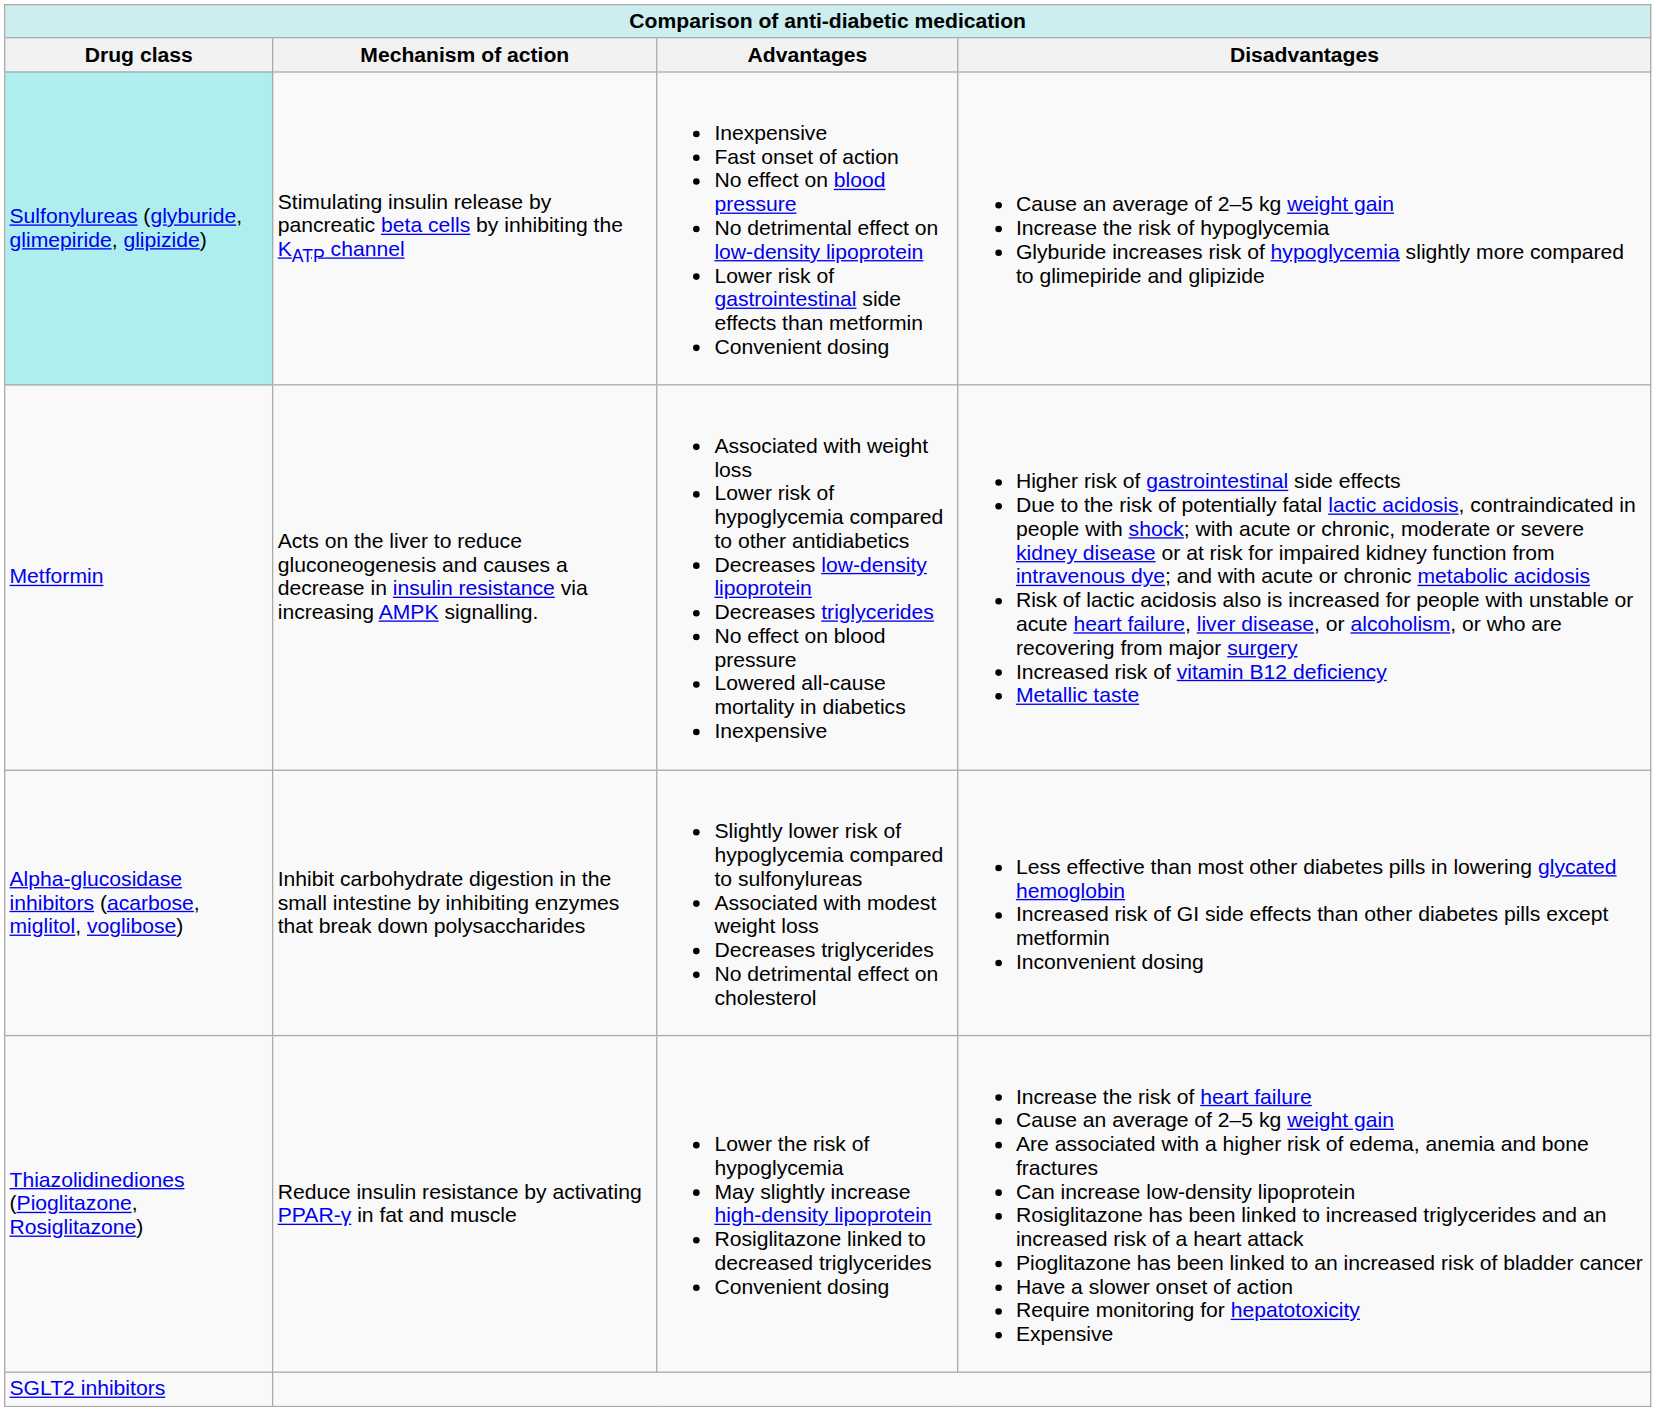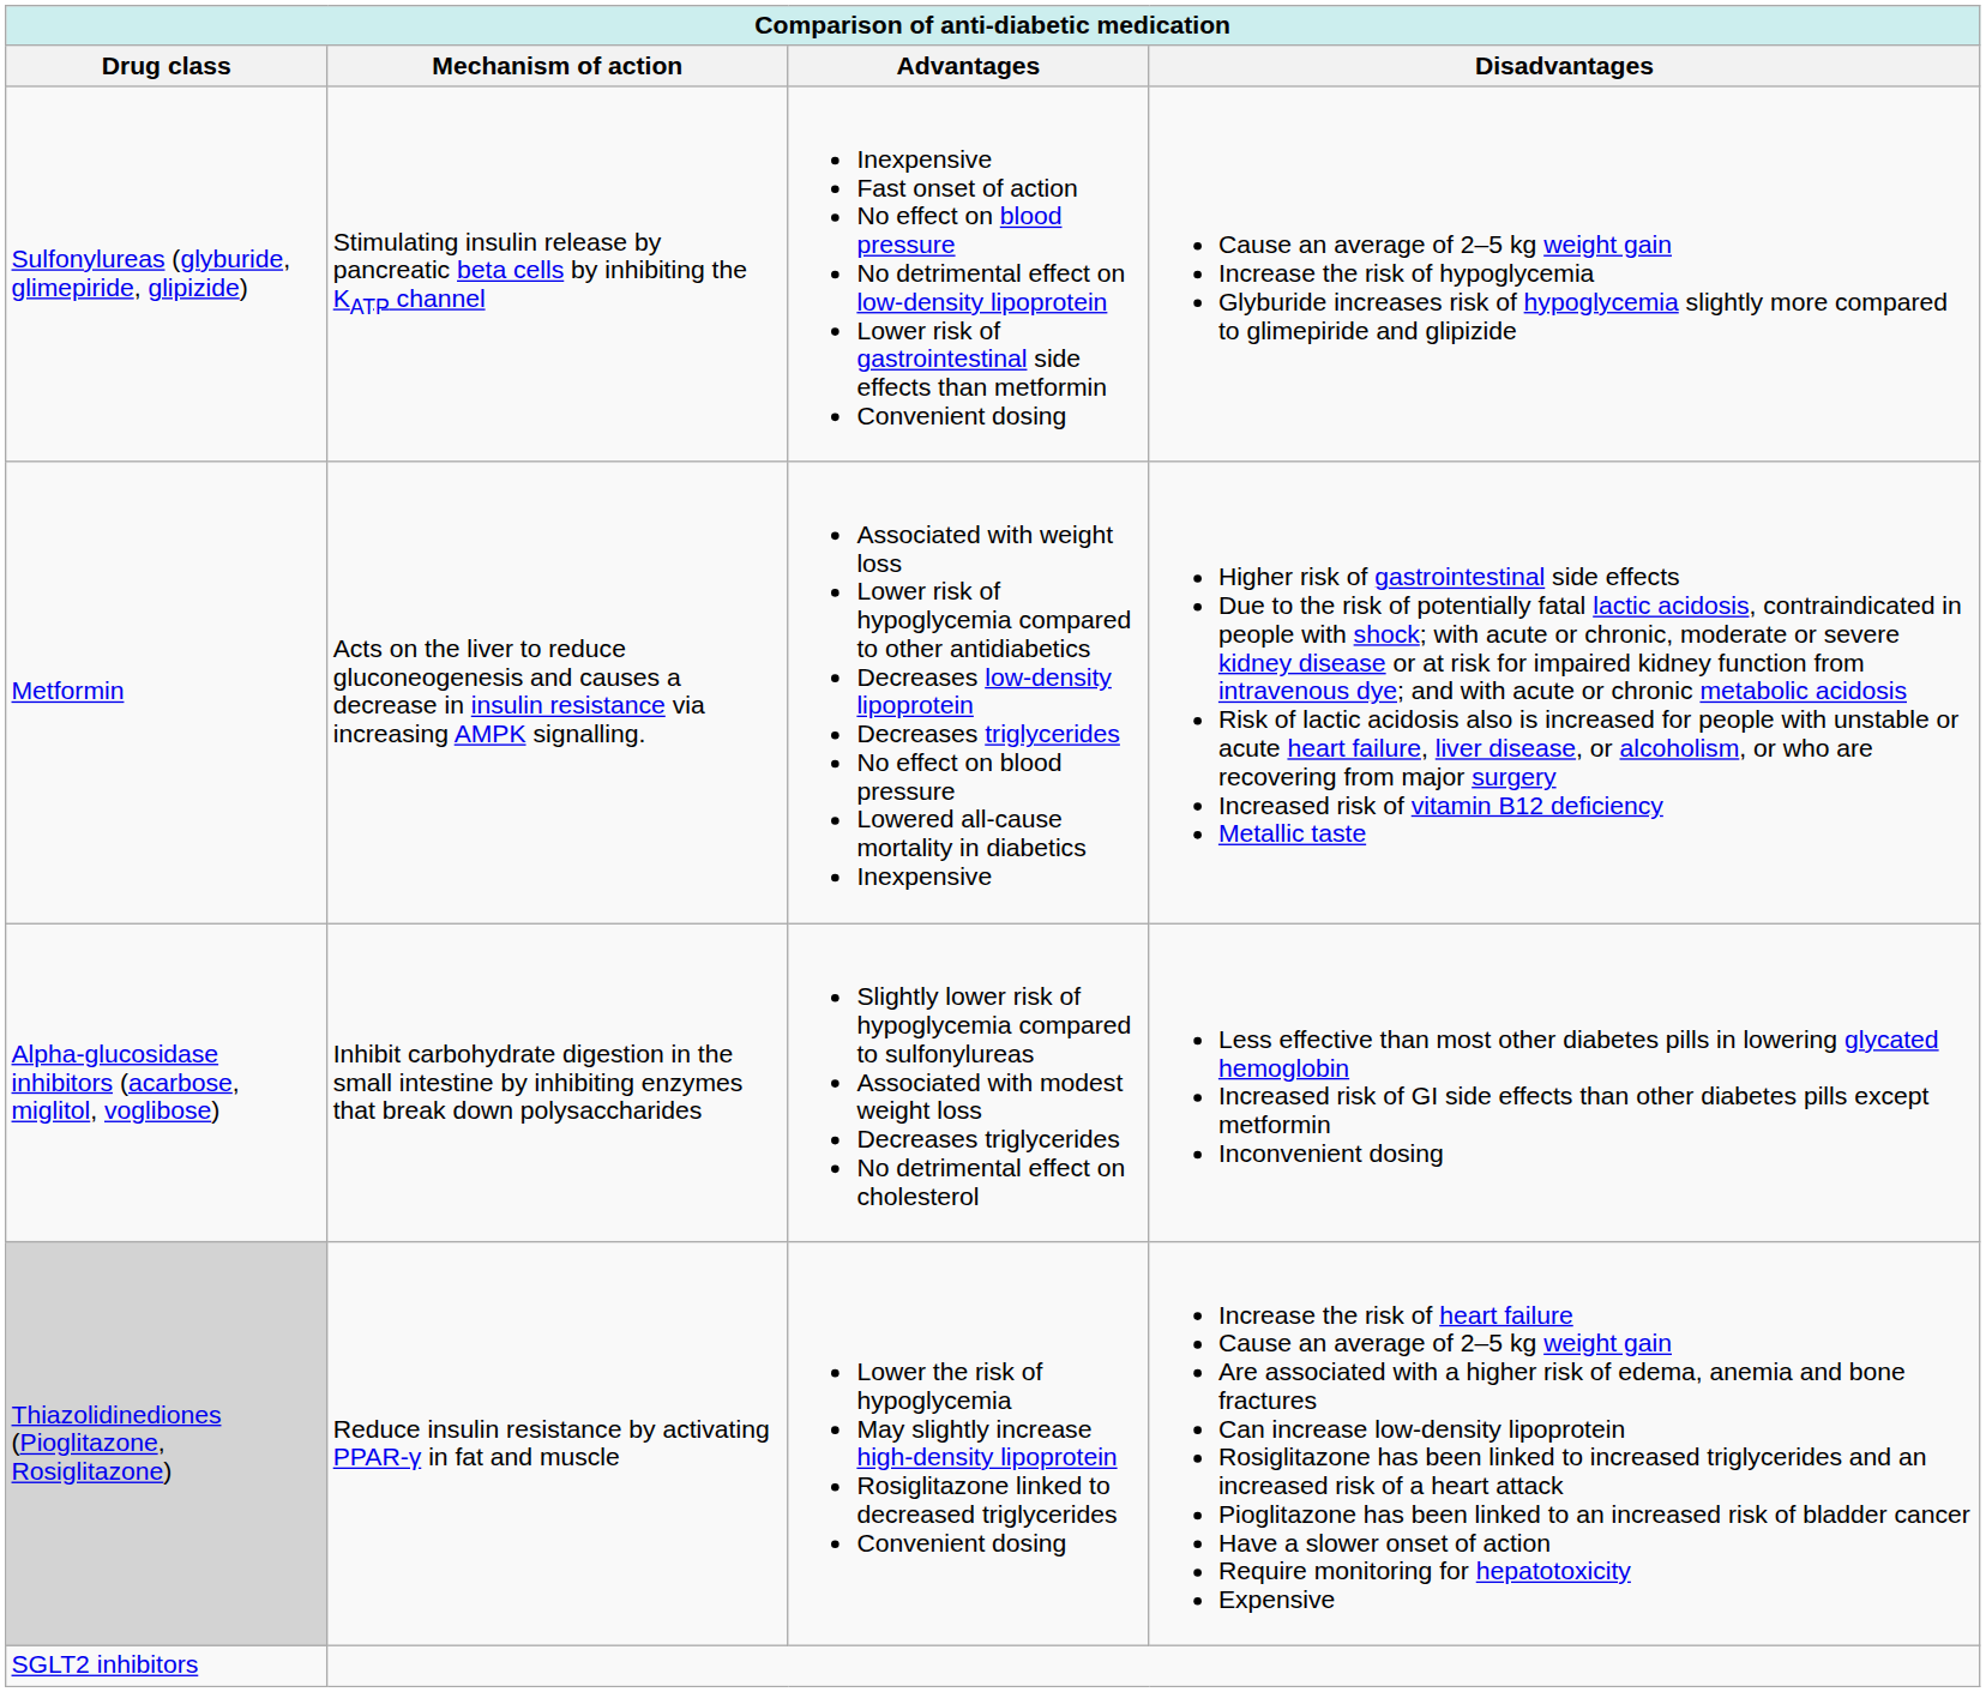 <table class="wikitable sortable">
 <tr>
 <th colspan="5" style="background-color: #CCEEEE;">Comparison of anti-diabetic medication</th>
 </tr>
 <tr>
 <th>Drug class</th>
 <th>Mechanism of action</th>
 <th>Advantages</th>
 <th>Disadvantages</th>
 </tr>
 <tr>
-<td style="background: paleturquoise;"><a href='#'>Sulfonylureas</a> (<a href='#'>glyburide</a>, <a href='#'>glimepiride</a>, <a href='#'>glipizide</a>)</td>
+<td><a href='#'>Sulfonylureas</a> (<a href='#'>glyburide</a>, <a href='#'>glimepiride</a>, <a href='#'>glipizide</a>)</td>
 <td>Stimulating insulin release by pancreatic <a href='#'>beta cells</a> by inhibiting the <a href='#'>K<sub>ATP</sub> channel</a></td>
 <td><br><ul><li>Inexpensive</li><li>Fast onset of action</li><li>No effect on <a href='#'>blood pressure</a></li><li>No detrimental effect on <a href='#'>low-density lipoprotein</a></li><li>Lower risk of <a href='#'>gastrointestinal</a> side effects than metformin</li><li>Convenient dosing</li></ul></td>
 <td><br><ul><li>Cause an average of 2–5 kg <a href='#'>weight gain</a></li><li>Increase the risk of hypoglycemia</li><li>Glyburide increases risk of <a href='#'>hypoglycemia</a> slightly more compared to glimepiride and glipizide</li></ul></td>
 </tr>
 <tr>
 <td><a href='#'>Metformin</a></td>
 <td>Acts on the liver to reduce gluconeogenesis and causes a decrease in <a href='#'>insulin resistance</a> via increasing <a href='#'>AMPK</a> signalling.</td>
 <td><br><ul><li>Associated with weight loss</li><li>Lower risk of hypoglycemia compared to other antidiabetics</li><li>Decreases <a href='#'>low-density lipoprotein</a></li><li>Decreases <a href='#'>triglycerides</a></li><li>No effect on blood pressure</li><li>Lowered all-cause mortality in diabetics</li><li>Inexpensive</li></ul></td>
 <td><br><ul><li>Higher risk of <a href='#'>gastrointestinal</a> side effects</li><li>Due to the risk of potentially fatal <a href='#'>lactic acidosis</a>, contraindicated in people with <a href='#'>shock</a>; with acute or chronic, moderate or severe <a href='#'>kidney disease</a> or at risk for impaired kidney function from <a href='#'>intravenous dye</a>; and with acute or chronic <a href='#'>metabolic acidosis</a></li><li>Risk of lactic acidosis also is increased for people with unstable or acute <a href='#'>heart failure</a>, <a href='#'>liver disease</a>, or <a href='#'>alcoholism</a>, or who are recovering from major <a href='#'>surgery</a></li><li>Increased risk of <a href='#'>vitamin B12 deficiency</a></li><li><a href='#'>Metallic taste</a></li></ul></td>
 </tr>
 <tr>
 <td><a href='#'>Alpha-glucosidase inhibitors</a> (<a href='#'>acarbose</a>, <a href='#'>miglitol</a>, <a href='#'>voglibose</a>)</td>
 <td>Inhibit carbohydrate digestion in the small intestine by inhibiting enzymes that break down polysaccharides</td>
 <td><br><ul><li>Slightly lower risk of hypoglycemia compared to sulfonylureas</li><li>Associated with modest weight loss</li><li>Decreases triglycerides</li><li>No detrimental effect on cholesterol</li></ul></td>
 <td><br><ul><li>Less effective than most other diabetes pills in lowering <a href='#'>glycated hemoglobin</a></li><li>Increased risk of GI side effects than other diabetes pills except metformin</li><li>Inconvenient dosing</li></ul></td>
 </tr>
 <tr>
-<td><a href='#'>Thiazolidinediones</a> (<a href='#'>Pioglitazone</a>, <a href='#'>Rosiglitazone</a>)</td>
+<td style="background: lightgrey;"><a href='#'>Thiazolidinediones</a> (<a href='#'>Pioglitazone</a>, <a href='#'>Rosiglitazone</a>)</td>
 <td>Reduce insulin resistance by activating <a href='#'>PPAR-γ</a> in fat and muscle</td>
 <td><br><ul><li>Lower the risk of hypoglycemia</li><li>May slightly increase <a href='#'>high-density lipoprotein</a></li><li>Rosiglitazone linked to decreased triglycerides</li><li>Convenient dosing</li></ul></td>
 <td><br><ul><li>Increase the risk of <a href='#'>heart failure</a></li><li>Cause an average of 2–5 kg <a href='#'>weight gain</a></li><li>Are associated with a higher risk of edema, anemia and bone fractures</li><li>Can increase low-density lipoprotein</li><li>Rosiglitazone has been linked to increased triglycerides and an increased risk of a heart attack</li><li>Pioglitazone has been linked to an increased risk of bladder cancer</li><li>Have a slower onset of action</li><li>Require monitoring for <a href='#'>hepatotoxicity</a></li><li>Expensive</li></ul></td>
 </tr>
 <tr>
 <td><a href='#'>SGLT2 inhibitors</a></td>
 </tr>
 </table>
